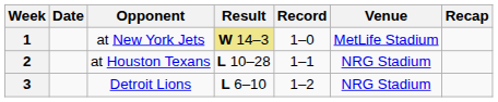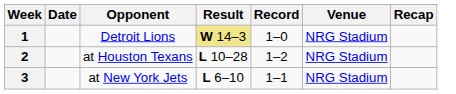 <table class="wikitable" style="text-align:center">
 <tr>
 <th>Week</th>
 <th>Date</th>
 <th>Opponent</th>
 <th>Result</th>
 <th>Record</th>
 <th>Venue</th>
 <th>Recap</th>
 </tr>
 <tr>
 <th>1</th>
 <td></td>
-<td>at <a href='#'>New York Jets</a></td>
+<td><a href='#'>Detroit Lions</a></td>
 <td style="background: khaki;"><strong>W</strong> 14–3</td>
 <td>1–0</td>
-<td><a href='#'>MetLife Stadium</a></td>
+<td><a href='#'>NRG Stadium</a></td>
 <td></td>
 </tr>
 <tr>
 <th>2</th>
 <td></td>
 <td>at <a href='#'>Houston Texans</a></td>
 <td><strong>L</strong> 10–28</td>
-<td>1–1</td>
+<td>1–2</td>
 <td><a href='#'>NRG Stadium</a></td>
 <td></td>
 </tr>
 <tr>
 <th>3</th>
 <td></td>
-<td><a href='#'>Detroit Lions</a></td>
+<td>at <a href='#'>New York Jets</a></td>
 <td><strong>L</strong> 6–10</td>
-<td>1–2</td>
+<td>1–1</td>
 <td><a href='#'>NRG Stadium</a></td>
 <td></td>
 </tr>
 </table>
